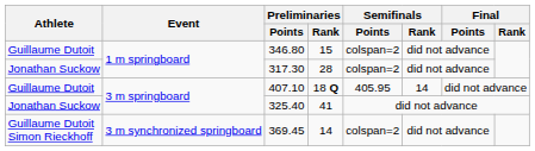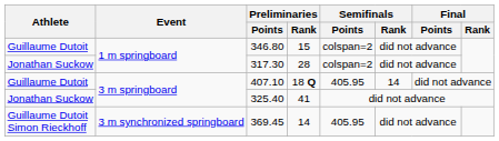 <table class=wikitable style="font-size:90%;">
 <tr>
 <th rowspan="2">Athlete</th>
 <th rowspan="2">Event</th>
 <th colspan="2">Preliminaries</th>
 <th colspan="2">Semifinals</th>
 <th colspan="2">Final</th>
 </tr>
 <tr style="font-size:95%">
 <th>Points</th>
 <th>Rank</th>
 <th>Points</th>
 <th>Rank</th>
 <th>Points</th>
 <th>Rank</th>
 </tr>
 <tr align=center>
 <td align=left><a href='#'>Guillaume Dutoit</a></td>
 <td align=left rowspan=2><a href='#'>1 m springboard</a></td>
 <td>346.80</td>
 <td>15</td>
 <td>colspan=2 </td>
 <td colspan=2>did not advance</td>
 </tr>
 <tr align=center>
 <td align=left><a href='#'>Jonathan Suckow</a></td>
 <td>317.30</td>
 <td>28</td>
 <td>colspan=2 </td>
 <td colspan=2>did not advance</td>
 </tr>
 <tr align=center>
 <td align=left><a href='#'>Guillaume Dutoit</a></td>
 <td align=left rowspan=2><a href='#'>3 m springboard</a></td>
 <td>407.10</td>
 <td>18 <strong>Q</strong></td>
 <td>405.95</td>
 <td>14</td>
 <td colspan=2>did not advance</td>
 </tr>
 <tr align=center>
 <td align=left><a href='#'>Jonathan Suckow</a></td>
 <td>325.40</td>
 <td>41</td>
 <td colspan=4>did not advance</td>
 </tr>
 <tr align=center>
 <td align=left><a href='#'>Guillaume Dutoit</a><br><a href='#'>Simon Rieckhoff</a></td>
 <td align=left><a href='#'>3 m synchronized springboard</a></td>
 <td>369.45</td>
 <td>14</td>
-<td>colspan=2 </td>
+<td>405.95</td>
 <td colspan=2>did not advance</td>
 </tr>
 </table>
